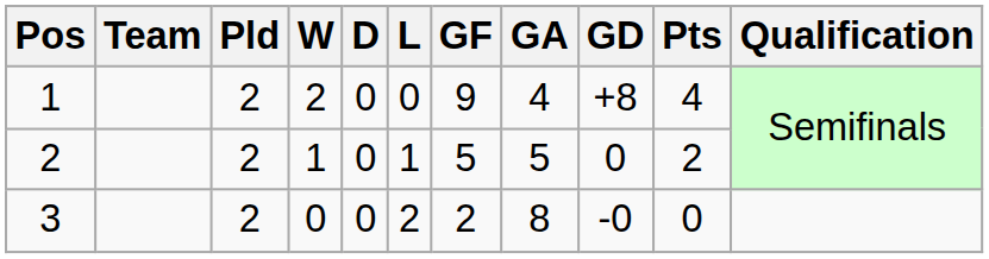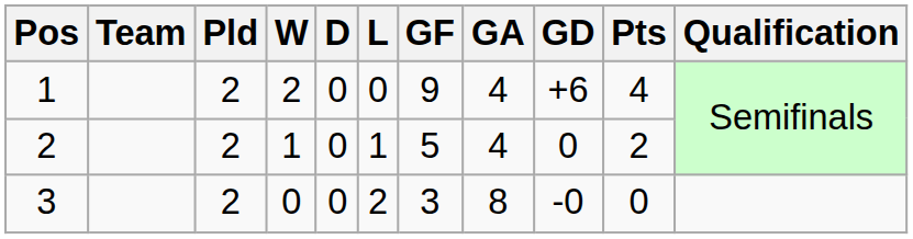 <table class="wikitable" style=" text-align:center;">
 <tr>
 <th>Pos</th>
 <th>Team</th>
 <th>Pld</th>
 <th>W</th>
 <th>D</th>
 <th>L</th>
 <th>GF</th>
 <th>GA</th>
 <th>GD</th>
 <th>Pts</th>
 <th>Qualification</th>
 </tr>
 <tr>
 <td>1</td>
 <td></td>
 <td>2</td>
 <td>2</td>
 <td>0</td>
 <td>0</td>
 <td>9</td>
 <td>4</td>
-<td>+8</td>
+<td>+6</td>
 <td>4</td>
 <td rowspan="2" style="background:#CCFFCC">Semifinals</td>
 </tr>
 <tr>
 <td>2</td>
 <td></td>
 <td>2</td>
 <td>1</td>
 <td>0</td>
 <td>1</td>
 <td>5</td>
-<td>5</td>
+<td>4</td>
 <td>0</td>
 <td>2</td>
 </tr>
 <tr>
 <td>3</td>
 <td></td>
 <td>2</td>
 <td>0</td>
 <td>0</td>
 <td>2</td>
-<td>2</td>
+<td>3</td>
 <td>8</td>
 <td>-0</td>
 <td>0</td>
 <td></td>
 </tr>
 </table>
